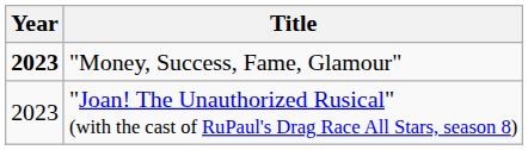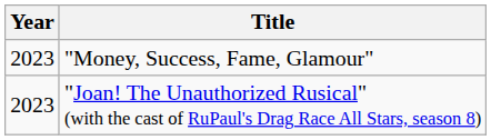 <table class="wikitable plainrowheaders sortable">
 <tr>
 <th scope="col">Year</th>
 <th scope="col">Title</th>
 </tr>
 <tr>
-<td><strong>2023</strong></td>
+<td>2023</td>
 <td>"Money, Success, Fame, Glamour" </td>
 </tr>
 <tr>
 <td>2023</td>
 <td>"<a href='#'>Joan! The Unauthorized Rusical</a>"<br><small>(with the cast of <a href='#'>RuPaul's Drag Race All Stars, season 8</a>)</small></td>
 </tr>
 </table>
